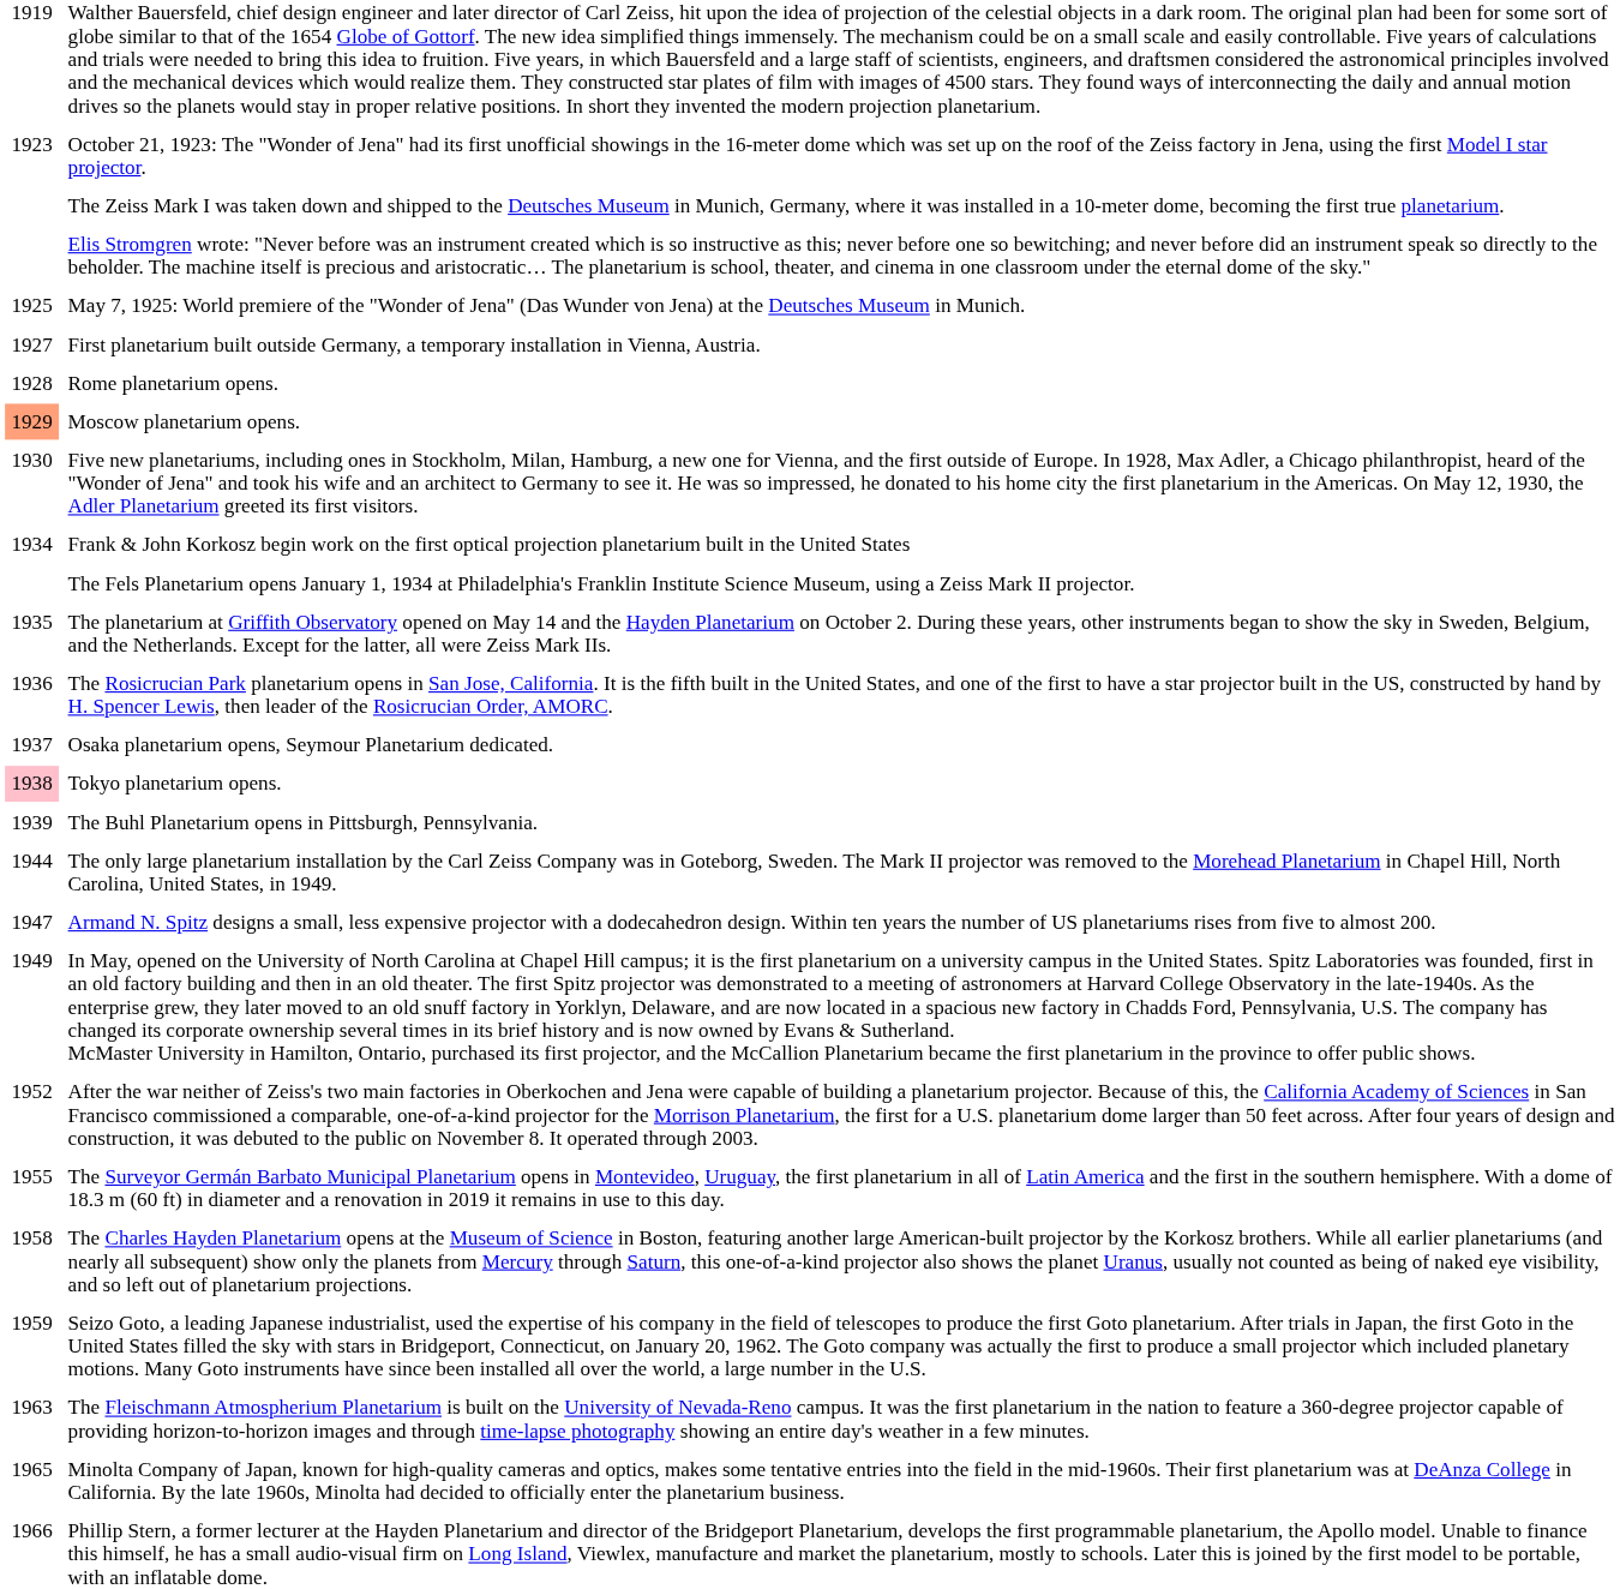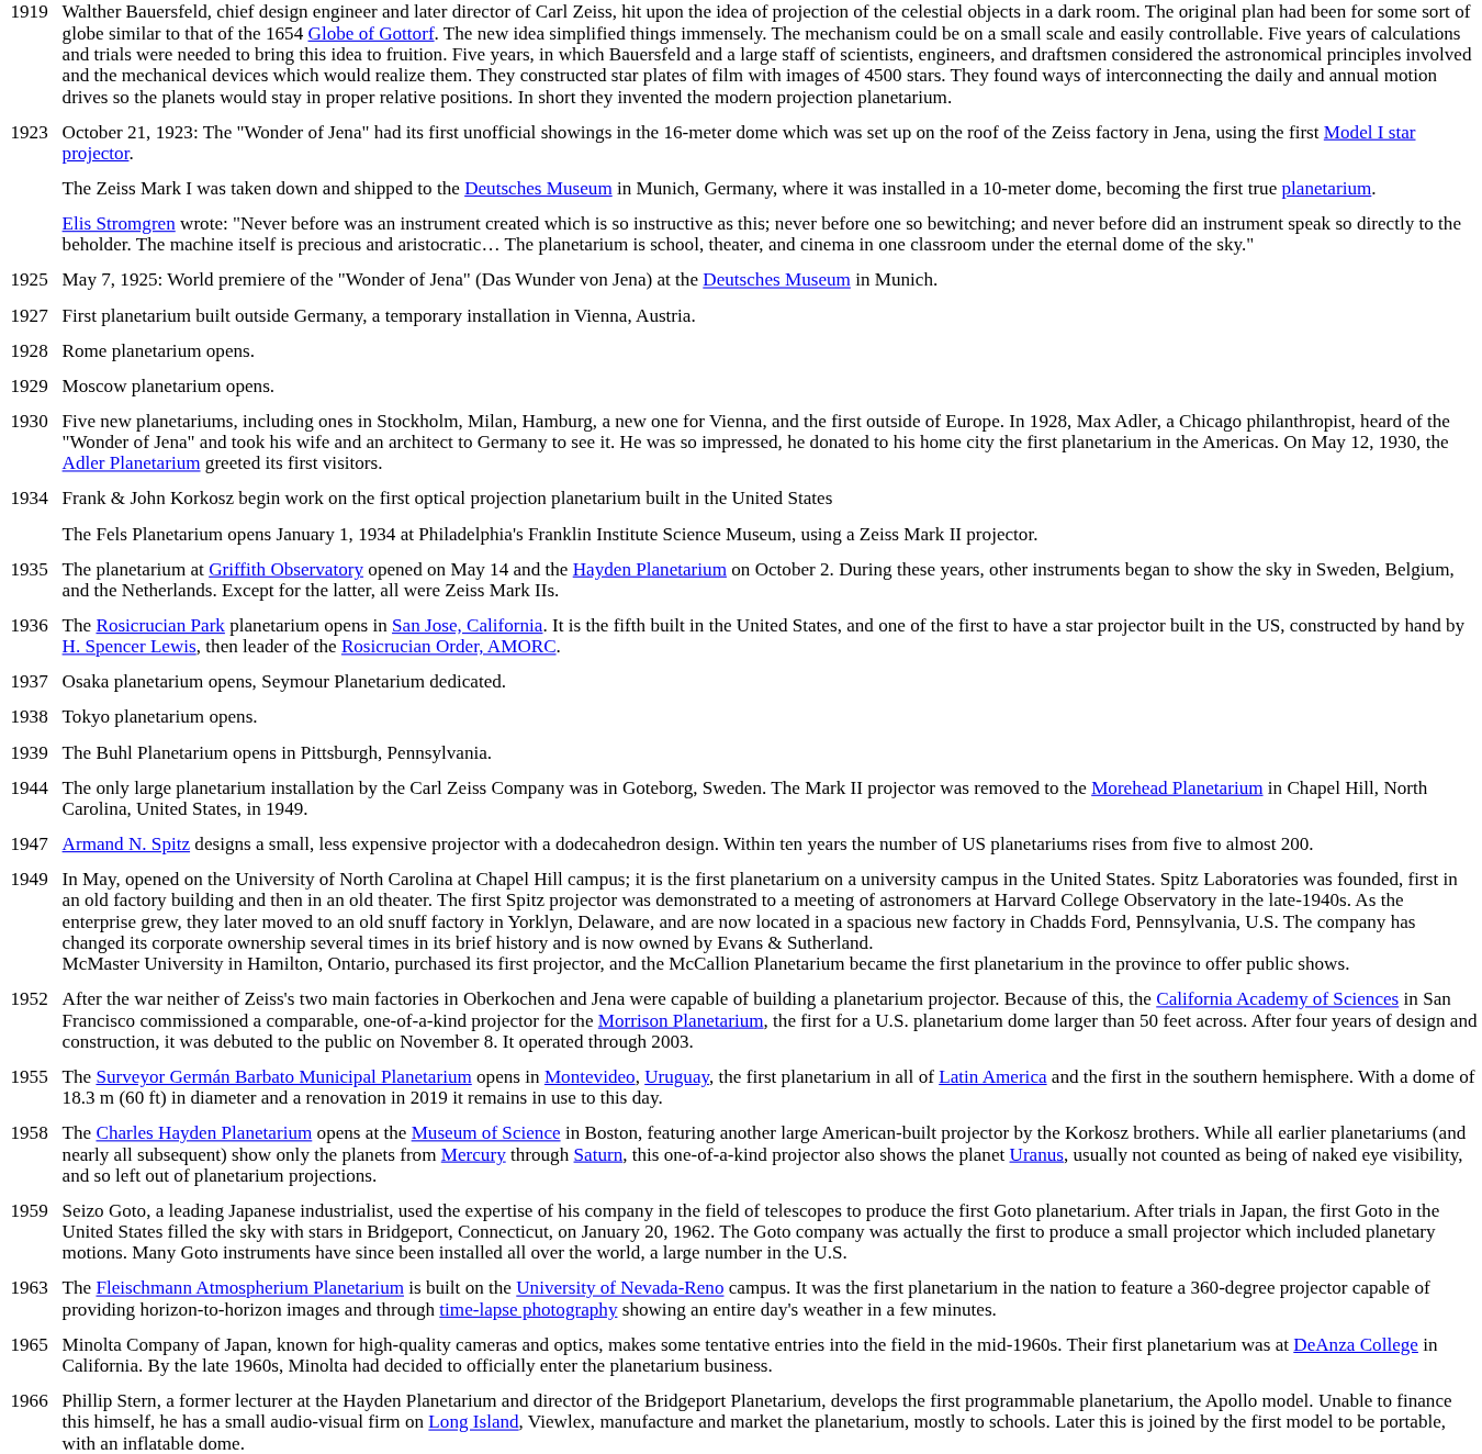 <table border="0" cellspacing="2" cellpadding="5">
 <tr valign="top">
 <td>1919</td>
 <td>Walther Bauersfeld, chief design engineer and later director of Carl Zeiss, hit upon the idea of projection of the celestial objects in a dark room. The original plan had been for some sort of globe similar to that of the 1654 <a href='#'>Globe of Gottorf</a>. The new idea simplified things immensely. The mechanism could be on a small scale and easily controllable. Five years of calculations and trials were needed to bring this idea to fruition. Five years, in which Bauersfeld and a large staff of scientists, engineers, and draftsmen considered the astronomical principles involved and the mechanical devices which would realize them. They constructed star plates of film with images of 4500 stars. They found ways of interconnecting the daily and annual motion drives so the planets would stay in proper relative positions. In short they invented the modern projection planetarium.</td>
 </tr>
 <tr valign="top">
 <td>1923</td>
 <td>October 21, 1923: The "Wonder of Jena" had its first unofficial showings in the 16-meter dome which was set up on the roof of the Zeiss factory in Jena, using the first <a href='#'>Model I star projector</a>.</td>
 </tr>
 <tr valign="top">
 <td></td>
 <td>The Zeiss Mark I was taken down and shipped to the <a href='#'>Deutsches Museum</a> in Munich, Germany, where it was installed in a 10-meter dome, becoming the first true <a href='#'>planetarium</a>.</td>
 </tr>
 <tr valign="top">
 <td></td>
 <td><a href='#'>Elis Stromgren</a> wrote: "Never before was an instrument created which is so instructive as this; never before one so bewitching; and never before did an instrument speak so directly to the beholder. The machine itself is precious and aristocratic… The planetarium is school, theater, and cinema in one classroom under the eternal dome of the sky."</td>
 </tr>
 <tr valign="top">
 <td>1925</td>
 <td>May 7, 1925: World premiere of the "Wonder of Jena" (Das Wunder von Jena) at the <a href='#'>Deutsches Museum</a> in Munich.</td>
 </tr>
 <tr valign="top">
 <td>1927</td>
 <td>First planetarium built outside Germany, a temporary installation in Vienna, Austria.</td>
 </tr>
 <tr valign="top">
 <td>1928</td>
 <td>Rome planetarium opens.</td>
 </tr>
 <tr valign="top">
-<td style="background: lightsalmon;">1929</td>
+<td>1929</td>
 <td>Moscow planetarium opens.</td>
 </tr>
 <tr valign="top">
 <td>1930</td>
 <td>Five new planetariums, including ones in Stockholm, Milan, Hamburg, a new one for Vienna, and the first outside of Europe. In 1928, Max Adler, a Chicago philanthropist, heard of the "Wonder of Jena" and took his wife and an architect to Germany to see it. He was so impressed, he donated to his home city the first planetarium in the Americas. On May 12, 1930, the <a href='#'>Adler Planetarium</a> greeted its first visitors.</td>
 </tr>
 <tr valign="top">
 <td>1934</td>
 <td>Frank & John Korkosz begin work on the first optical projection planetarium built in the United States</td>
 </tr>
 <tr>
 <td></td>
 <td>The Fels Planetarium opens January 1, 1934 at Philadelphia's Franklin Institute Science Museum, using a Zeiss Mark II projector.</td>
 </tr>
 <tr valign="top">
 <td>1935</td>
 <td>The planetarium at <a href='#'>Griffith Observatory</a> opened on May 14 and the <a href='#'>Hayden Planetarium</a> on October 2. During these years, other instruments began to show the sky in Sweden, Belgium, and the Netherlands. Except for the latter, all were Zeiss Mark IIs.</td>
 </tr>
 <tr valign="top">
 <td>1936</td>
 <td>The <a href='#'>Rosicrucian Park</a> planetarium opens in <a href='#'>San Jose, California</a>. It is the fifth built in the United States, and one of the first to have a star projector built in the US, constructed by hand by <a href='#'>H. Spencer Lewis</a>, then leader of the <a href='#'>Rosicrucian Order, AMORC</a>.</td>
 </tr>
 <tr valign="top">
 <td>1937</td>
 <td>Osaka planetarium opens, Seymour Planetarium dedicated.</td>
 </tr>
 <tr valign="top">
-<td style="background: pink;">1938</td>
+<td>1938</td>
 <td>Tokyo planetarium opens.</td>
 </tr>
 <tr valign="top">
 <td>1939</td>
 <td>The Buhl Planetarium opens in Pittsburgh, Pennsylvania.</td>
 </tr>
 <tr valign="top">
 <td>1944</td>
 <td>The only large planetarium installation by the Carl Zeiss Company was in Goteborg, Sweden. The Mark II projector was removed to the <a href='#'>Morehead Planetarium</a> in Chapel Hill, North Carolina, United States, in 1949.</td>
 </tr>
 <tr valign="top">
 <td>1947</td>
 <td><a href='#'>Armand N. Spitz</a> designs a small, less expensive projector with a dodecahedron design. Within ten years the number of US planetariums rises from five to almost 200.</td>
 </tr>
 <tr valign="top">
 <td>1949</td>
 <td>In May,  opened on the University of North Carolina at Chapel Hill campus; it is the first planetarium on a university campus in the United States. Spitz Laboratories was founded, first in an old factory building and then in an old theater. The first Spitz projector was demonstrated to a meeting of astronomers at Harvard College Observatory in the late-1940s. As the enterprise grew, they later moved to an old snuff factory in Yorklyn, Delaware, and are now located in a spacious new factory in Chadds Ford, Pennsylvania, U.S. The company has changed its corporate ownership several times in its brief history and is now owned by Evans & Sutherland.<br>McMaster University in Hamilton, Ontario, purchased its first projector, and the McCallion Planetarium became the first planetarium in the province to offer public shows.</td>
 </tr>
 <tr valign="top">
 <td>1952</td>
 <td>After the war neither of Zeiss's two main factories in Oberkochen and Jena were capable of building a planetarium projector. Because of this, the <a href='#'>California Academy of Sciences</a> in San Francisco commissioned a comparable, one-of-a-kind projector for the <a href='#'>Morrison Planetarium</a>, the first for a U.S. planetarium dome larger than 50 feet across. After four years of design and construction, it was debuted to the public on November 8. It operated through 2003.</td>
 </tr>
 <tr valign="top">
 <td>1955</td>
 <td>The <a href='#'>Surveyor Germán Barbato Municipal Planetarium</a> opens in <a href='#'>Montevideo</a>, <a href='#'>Uruguay</a>, the first planetarium in all of <a href='#'>Latin America</a> and the first in the southern hemisphere. With a dome of 18.3 m (60 ft) in diameter and a renovation in 2019 it remains in use to this day.</td>
 </tr>
 <tr valign="top">
 <td>1958</td>
 <td>The <a href='#'>Charles Hayden Planetarium</a> opens at the <a href='#'>Museum of Science</a> in Boston, featuring another large American-built projector by the Korkosz brothers.  While all earlier planetariums (and nearly all subsequent) show only the planets from <a href='#'>Mercury</a> through <a href='#'>Saturn</a>, this one-of-a-kind projector also shows the planet <a href='#'>Uranus</a>, usually not counted as being of naked eye visibility, and so left out of planetarium projections.</td>
 </tr>
 <tr valign="top">
 <td>1959</td>
 <td>Seizo Goto, a leading Japanese industrialist, used the expertise of his company in the field of telescopes to produce the first Goto planetarium. After trials in Japan, the first Goto in the United States filled the sky with stars in Bridgeport, Connecticut, on January 20, 1962. The Goto company was actually the first to produce a small projector which included planetary motions. Many Goto instruments have since been installed all over the world, a large number in the U.S.</td>
 </tr>
 <tr valign="top">
 <td>1963</td>
 <td>The <a href='#'>Fleischmann Atmospherium Planetarium</a> is built on the <a href='#'>University of Nevada-Reno</a> campus. It was the first planetarium in the nation to feature a 360-degree projector capable of providing horizon-to-horizon images and through <a href='#'>time-lapse photography</a> showing an entire day's weather in a few minutes.</td>
 </tr>
 <tr valign="top">
 <td>1965</td>
 <td>Minolta Company of Japan, known for high-quality cameras and optics, makes some tentative entries into the field in the mid-1960s. Their first planetarium was at <a href='#'>DeAnza College</a> in California. By the late 1960s, Minolta had decided to officially enter the planetarium business.</td>
 </tr>
 <tr valign="top">
 <td>1966</td>
 <td>Phillip Stern, a former lecturer at the Hayden Planetarium and director of the Bridgeport Planetarium, develops the first programmable planetarium, the Apollo model. Unable to finance this himself, he has a small audio-visual firm on <a href='#'>Long Island</a>, Viewlex, manufacture and market the planetarium, mostly to schools. Later this is joined by the first model to be portable, with an inflatable dome.</td>
 </tr>
 </table>
